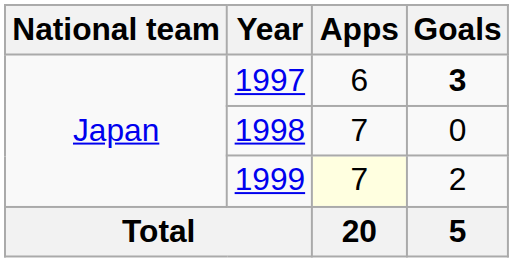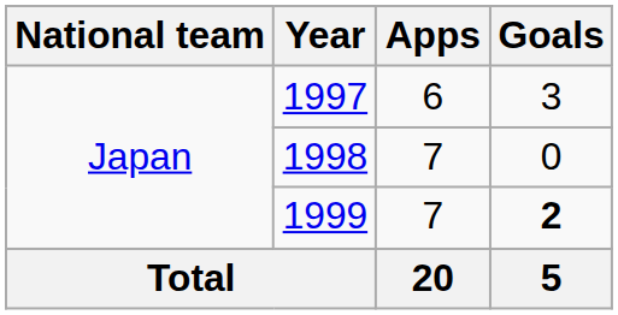 <table class="wikitable" style="text-align:center">
 <tr>
 <th>National team</th>
 <th>Year</th>
 <th>Apps</th>
 <th>Goals</th>
 </tr>
 <tr>
 <td rowspan="3"><a href='#'>Japan</a></td>
 <td><a href='#'>1997</a></td>
 <td>6</td>
-<td><strong>3</strong></td>
+<td>3</td>
 </tr>
 <tr>
 <td><a href='#'>1998</a></td>
 <td>7</td>
 <td>0</td>
 </tr>
 <tr>
 <td><a href='#'>1999</a></td>
-<td style="background: lightyellow;">7</td>
-<td>2</td>
+<td>7</td>
+<td><strong>2</strong></td>
 </tr>
 <tr>
 <th colspan="2">Total</th>
 <th>20</th>
 <th>5</th>
 </tr>
 </table>
